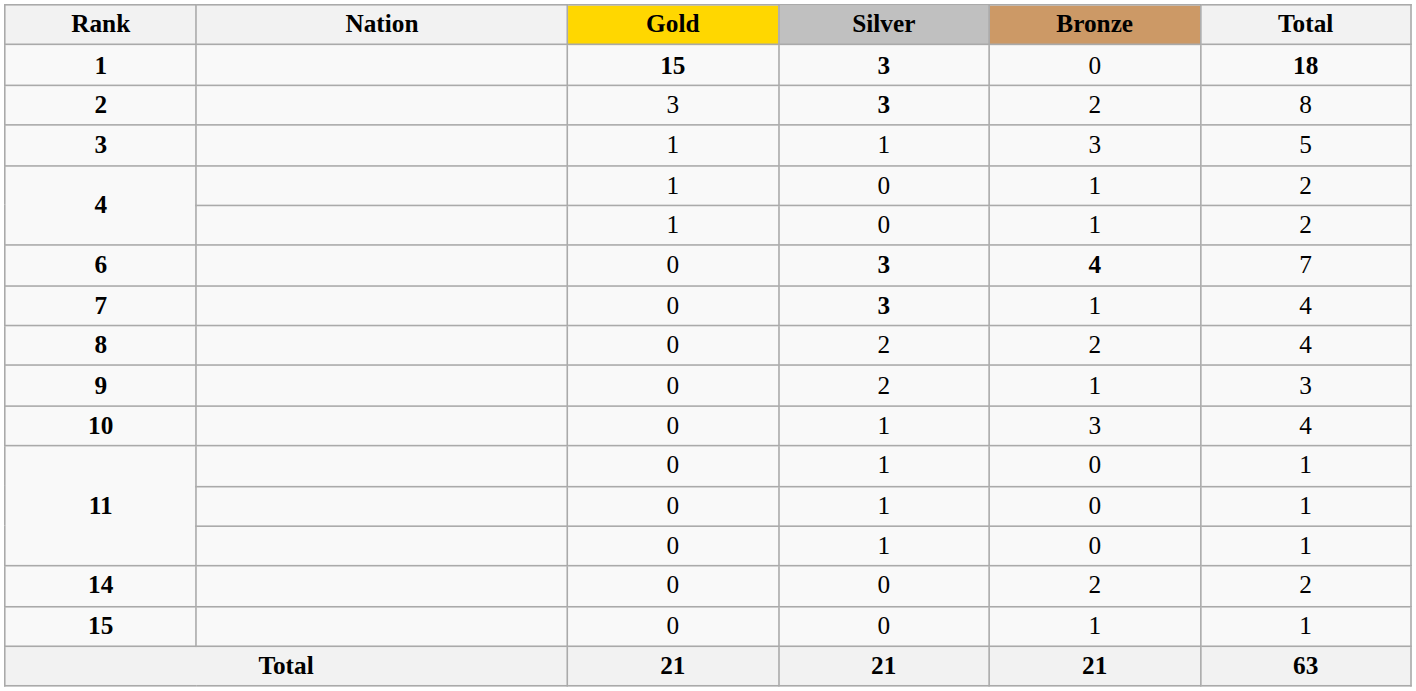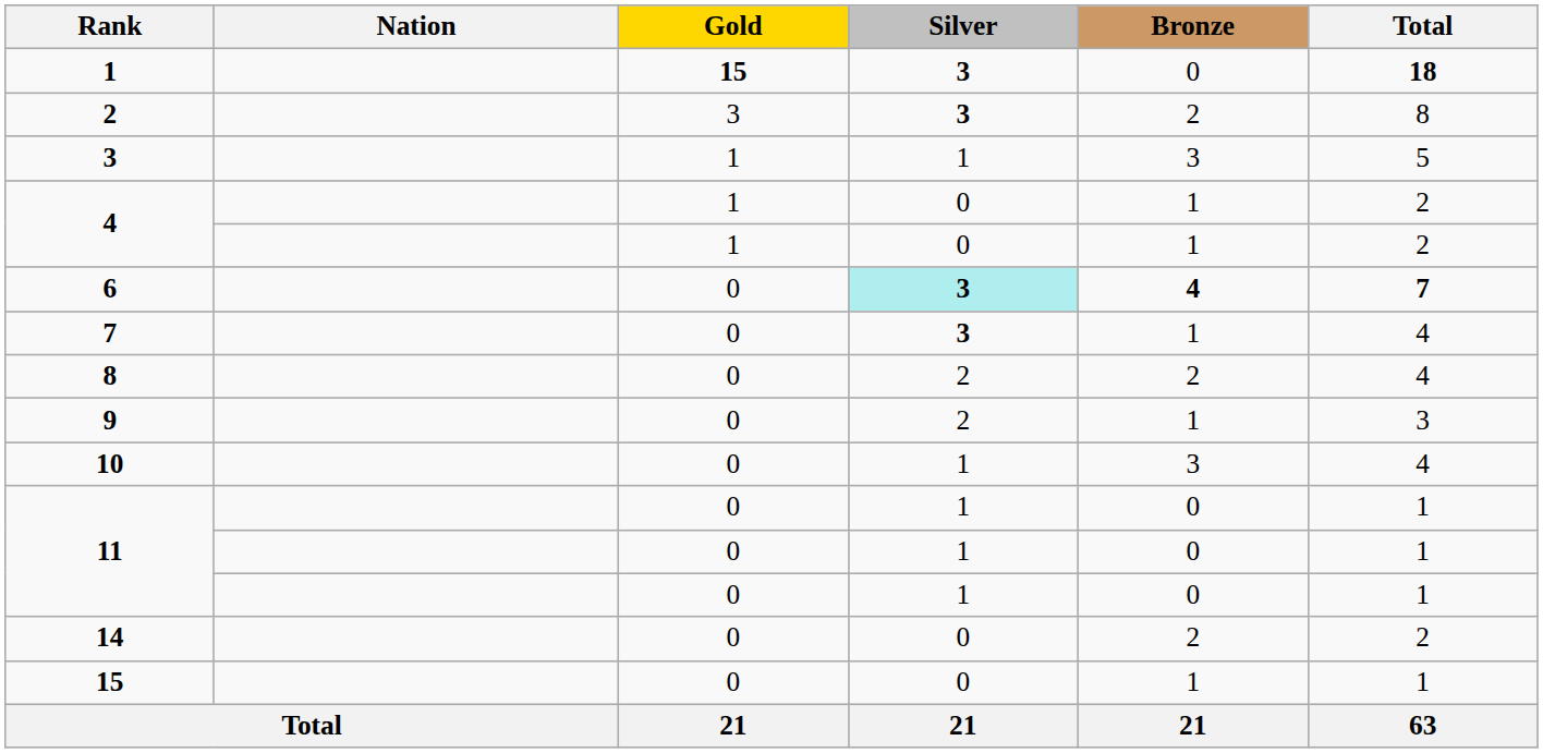 <table class="wikitable collapsible autocollapse plainrowheaders" width=70.5% style="text-align:center;">
 <tr style="background-color:#EDEDED;">
 <th width=100px class="hintergrundfarbe5">Rank</th>
 <th width=200px class="hintergrundfarbe6">Nation</th>
 <th style="background:    gold; width:15%">Gold</th>
 <th style="background:  silver; width:15%">Silver</th>
 <th style="background: #CC9966; width:15%">Bronze</th>
 <th class="hintergrundfarbe6" style="width:15%">Total</th>
 </tr>
 <tr>
 <td><strong>1</strong></td>
 <td align=left></td>
 <td><strong>15</strong></td>
 <td><strong>3</strong></td>
 <td>0</td>
 <td><strong>18</strong></td>
 </tr>
 <tr>
 <td><strong>2</strong></td>
 <td align=left></td>
 <td>3</td>
 <td><strong>3</strong></td>
 <td>2</td>
 <td>8</td>
 </tr>
 <tr>
 <td><strong>3</strong></td>
 <td align=left></td>
 <td>1</td>
 <td>1</td>
 <td>3</td>
 <td>5</td>
 </tr>
 <tr>
 <td rowspan=2><strong>4</strong></td>
 <td align=left></td>
 <td>1</td>
 <td>0</td>
 <td>1</td>
 <td>2</td>
 </tr>
 <tr>
 <td align=left></td>
 <td>1</td>
 <td>0</td>
 <td>1</td>
 <td>2</td>
 </tr>
 <tr>
 <td><strong>6</strong></td>
 <td align=left></td>
 <td>0</td>
-<td><strong>3</strong></td>
+<td style="background: paleturquoise;"><strong>3</strong></td>
 <td><strong>4</strong></td>
-<td>7</td>
+<td><strong>7</strong></td>
 </tr>
 <tr>
 <td><strong>7</strong></td>
 <td align=left><em></em></td>
 <td>0</td>
 <td><strong>3</strong></td>
 <td>1</td>
 <td>4</td>
 </tr>
 <tr>
 <td><strong>8</strong></td>
 <td align=left></td>
 <td>0</td>
 <td>2</td>
 <td>2</td>
 <td>4</td>
 </tr>
 <tr>
 <td><strong>9</strong></td>
 <td align=left><em></em></td>
 <td>0</td>
 <td>2</td>
 <td>1</td>
 <td>3</td>
 </tr>
 <tr>
 <td><strong>10</strong></td>
 <td align=left></td>
 <td>0</td>
 <td>1</td>
 <td>3</td>
 <td>4</td>
 </tr>
 <tr>
 <td rowspan=3><strong>11</strong></td>
 <td align=left></td>
 <td>0</td>
 <td>1</td>
 <td>0</td>
 <td>1</td>
 </tr>
 <tr>
 <td align=left><em></em></td>
 <td>0</td>
 <td>1</td>
 <td>0</td>
 <td>1</td>
 </tr>
 <tr>
 <td align=left></td>
 <td>0</td>
 <td>1</td>
 <td>0</td>
 <td>1</td>
 </tr>
 <tr>
 <td><strong>14</strong></td>
 <td align=left></td>
 <td>0</td>
 <td>0</td>
 <td>2</td>
 <td>2</td>
 </tr>
 <tr>
 <td><strong>15</strong></td>
 <td align=left></td>
 <td>0</td>
 <td>0</td>
 <td>1</td>
 <td>1</td>
 </tr>
 <tr>
 <th colspan=2>Total</th>
 <th>21</th>
 <th>21</th>
 <th>21</th>
 <th>63</th>
 </tr>
 </table>
